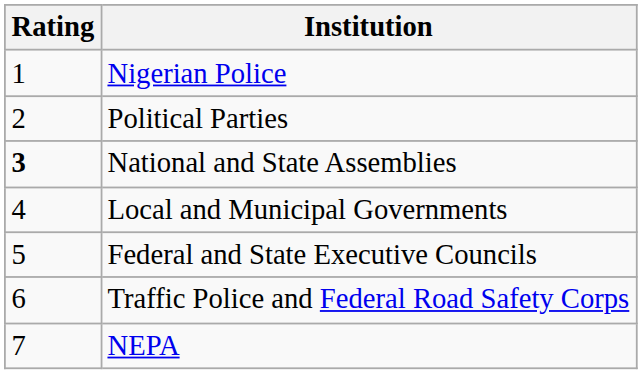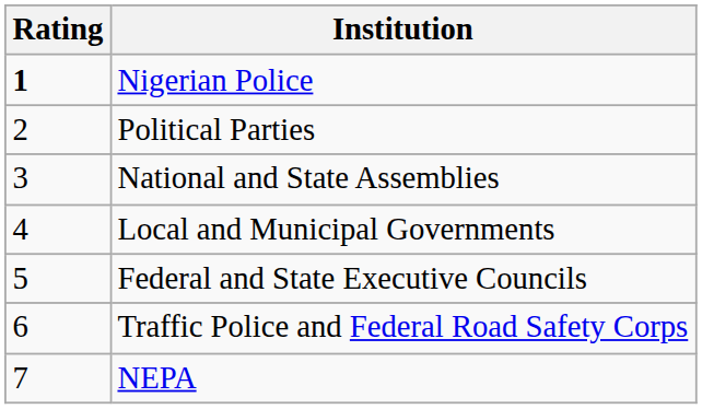 <table class="wikitable">
 <tr>
 <th>Rating</th>
 <th>Institution</th>
 </tr>
 <tr>
-<td>1</td>
+<td><strong>1</strong></td>
 <td><a href='#'>Nigerian Police</a></td>
 </tr>
 <tr>
 <td>2</td>
 <td>Political Parties</td>
 </tr>
 <tr>
-<td><strong>3</strong></td>
+<td>3</td>
 <td>National and State Assemblies</td>
 </tr>
 <tr>
 <td>4</td>
 <td>Local and Municipal Governments</td>
 </tr>
 <tr>
 <td>5</td>
 <td>Federal and State Executive Councils</td>
 </tr>
 <tr>
 <td>6</td>
 <td>Traffic Police and <a href='#'>Federal Road Safety Corps</a></td>
 </tr>
 <tr>
 <td>7</td>
 <td><a href='#'>NEPA</a></td>
 </tr>
 </table>
